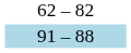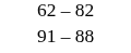 <table style="text-align:center;">
 <tr>
 <th width=200></th>
 <th width=100></th>
 <th width=200></th>
 <th></th>
 </tr>
 <tr>
 <td align=right></td>
 <td>62 – 82</td>
 <td align=left><strong></strong></td>
 </tr>
 <tr>
 <td align=right><strong></strong></td>
-<td style="background: lightblue;">91 – 88</td>
+<td>91 – 88</td>
 <td align=left></td>
 </tr>
 </table>
